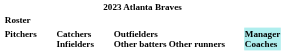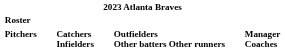 <table class="toccolours" style="font-size: 95%;">
 <tr>
 <th colspan="10">2023 Atlanta Braves</th>
 </tr>
 <tr>
 <td colspan="10"><strong>Roster</strong></td>
 </tr>
 <tr>
 <td valign="top"><strong>Pitchers</strong><br>                              </td>
 <td style="width:25px;"></td>
 <td valign="top"><strong>Catchers</strong><br>   <strong>Infielders</strong>         </td>
 <td style="width:25px;"></td>
 <td valign="top"><strong>Outfielders</strong><br>        <strong>Other batters</strong>  <strong>Other runners</strong> </td>
 <td width="25px"></td>
-<td valign="top" style="background: paleturquoise;"><strong>Manager</strong><br> <strong>Coaches</strong>                          </td>
+<td valign="top"><strong>Manager</strong><br> <strong>Coaches</strong>                          </td>
 </tr>
 </table>
